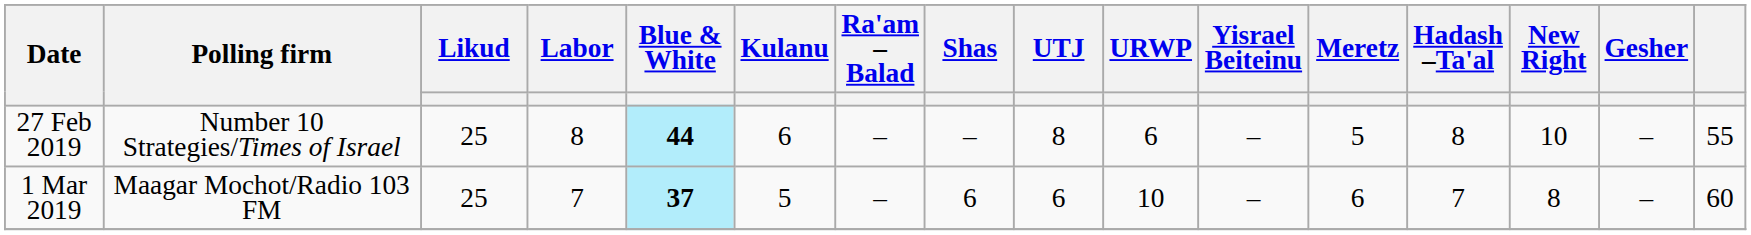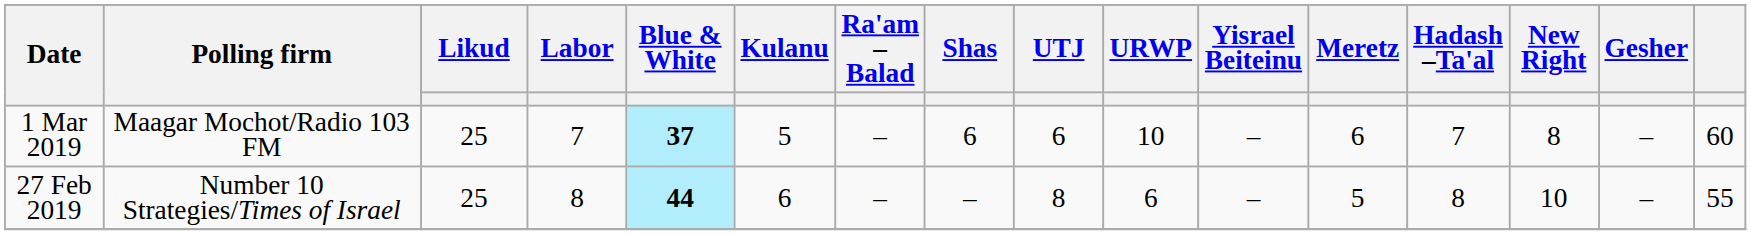 <table class="wikitable sortable" style="text-align:center;font-size:90%;line-height:13px">
 <tr>
 <th style="width:45px;" rowspan="2">Date</th>
 <th style="width:160px;" rowspan="2">Polling firm</th>
 <th class="unsortable" style="width:50px;"><a href='#'>Likud</a></th>
 <th class="unsortable" style="width:45px;"><a href='#'>Labor</a></th>
 <th class="unsortable" style="width:50px;"><a href='#'>Blue &<br>White</a></th>
 <th class="unsortable" style="width:40px;"><a href='#'>Kulanu</a></th>
 <th class="unsortable" style="width:40px;"><a href='#'>Ra'am</a><br>–<a href='#'>Balad</a></th>
 <th class="unsortable" style="width:40px;"><a href='#'>Shas</a></th>
 <th class="unsortable" style="width:40px;"><a href='#'>UTJ</a></th>
 <th class="unsortable" style="width:40px;"><a href='#'>URWP</a></th>
 <th class="unsortable" style="width:40px;"><a href='#'>Yisrael<br>Beiteinu</a></th>
 <th class="unsortable" style="width:45px;"><a href='#'>Meretz</a></th>
 <th class="unsortable" style="width:40px;"><a href='#'>Hadash</a><br>–<a href='#'>Ta'al</a></th>
 <th class="unsortable" style="width:40px;"><a href='#'>New<br>Right</a></th>
 <th class="unsortable" style="width:40px;"><a href='#'>Gesher</a></th>
 <th class="unsortable" style="width:20px;"></th>
 </tr>
 <tr>
 <th style="color:inherit;background:"></th>
 <th style="color:inherit;background:"></th>
 <th style="color:inherit;background:"></th>
 <th style="color:inherit;background:"></th>
 <th style="color:inherit;background:"></th>
 <th style="color:inherit;background:"></th>
 <th style="color:inherit;background:"></th>
 <th style="color:inherit;background:"></th>
 <th style="color:inherit;background:"></th>
 <th style="color:inherit;background:"></th>
 <th style="color:inherit;background:"></th>
 <th style="color:inherit;background:"></th>
 <th style="color:inherit;background:"></th>
 <th style="color:inherit;background:"></th>
 </tr>
 <tr>
+<td data-sort-value="2019-03-01">1 Mar 2019</td>
+<td style="text-align:center;">Maagar Mochot/Radio 103 FM</td>
+<td>25					</td>
+<td>7					</td>
+<td style="background:#B2EDFB"><strong>37</strong>	</td>
+<td>5					</td>
+<td>–					</td>
+<td>6					</td>
+<td>6					</td>
+<td>10					</td>
+<td>–					</td>
+<td>6					</td>
+<td>7					</td>
+<td>8					</td>
+<td>–					</td>
+<td>60					</td>
+</tr>
+<tr>
 <td data-sort-value="2019-02-27">27 Feb 2019</td>
 <td style="text-align:center;">Number 10 Strategies/<em>Times of Israel</em></td>
 <td>25					</td>
 <td>8					</td>
 <td style="background:#B2EDFB"><strong>44</strong>	</td>
 <td>6					</td>
 <td>–					</td>
 <td>–					</td>
 <td>8					</td>
 <td>6					</td>
 <td>–					</td>
 <td>5					</td>
 <td>8					</td>
 <td>10					</td>
 <td>–					</td>
 <td>55					</td>
 </tr>
 <tr>
-<td data-sort-value="2019-03-01">1 Mar 2019</td>
-<td style="text-align:center;">Maagar Mochot/Radio 103 FM</td>
-<td>25					</td>
-<td>7					</td>
-<td style="background:#B2EDFB"><strong>37</strong>	</td>
-<td>5					</td>
-<td>–					</td>
-<td>6					</td>
-<td>6					</td>
-<td>10					</td>
-<td>–					</td>
-<td>6					</td>
-<td>7					</td>
-<td>8					</td>
-<td>–					</td>
-<td>60					</td>
-</tr>
-<tr>
 </tr>
 </table>
